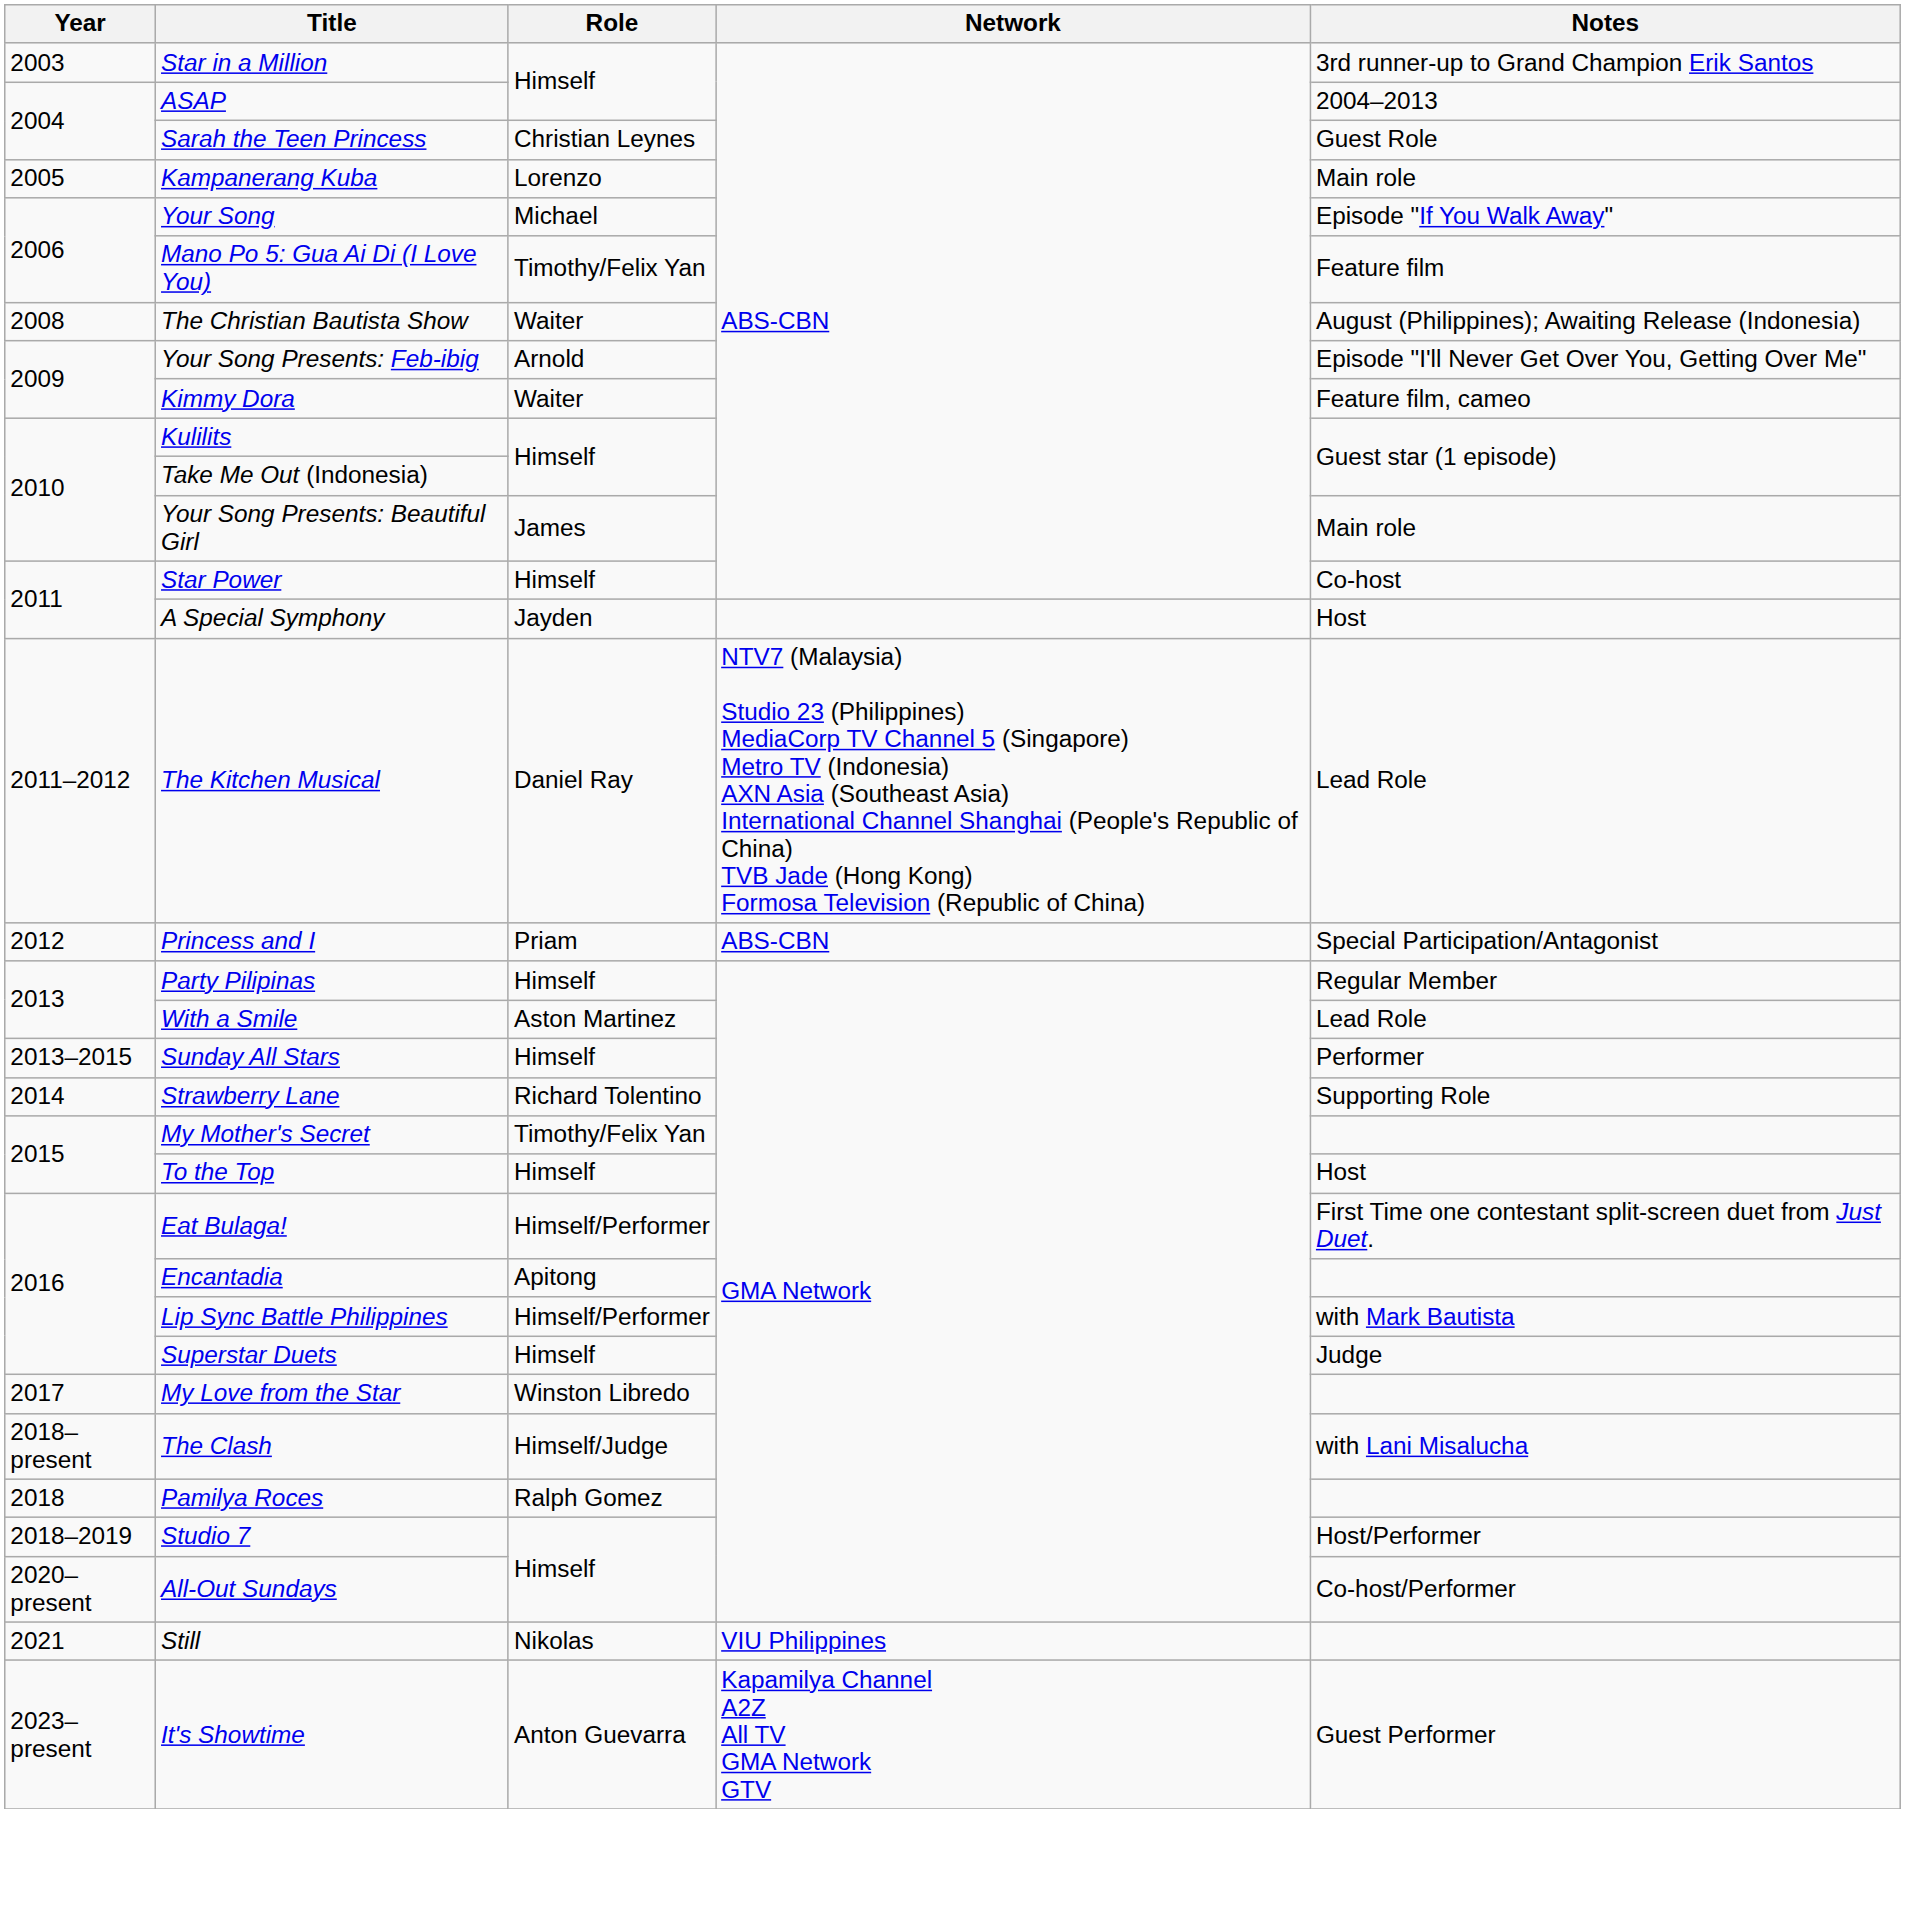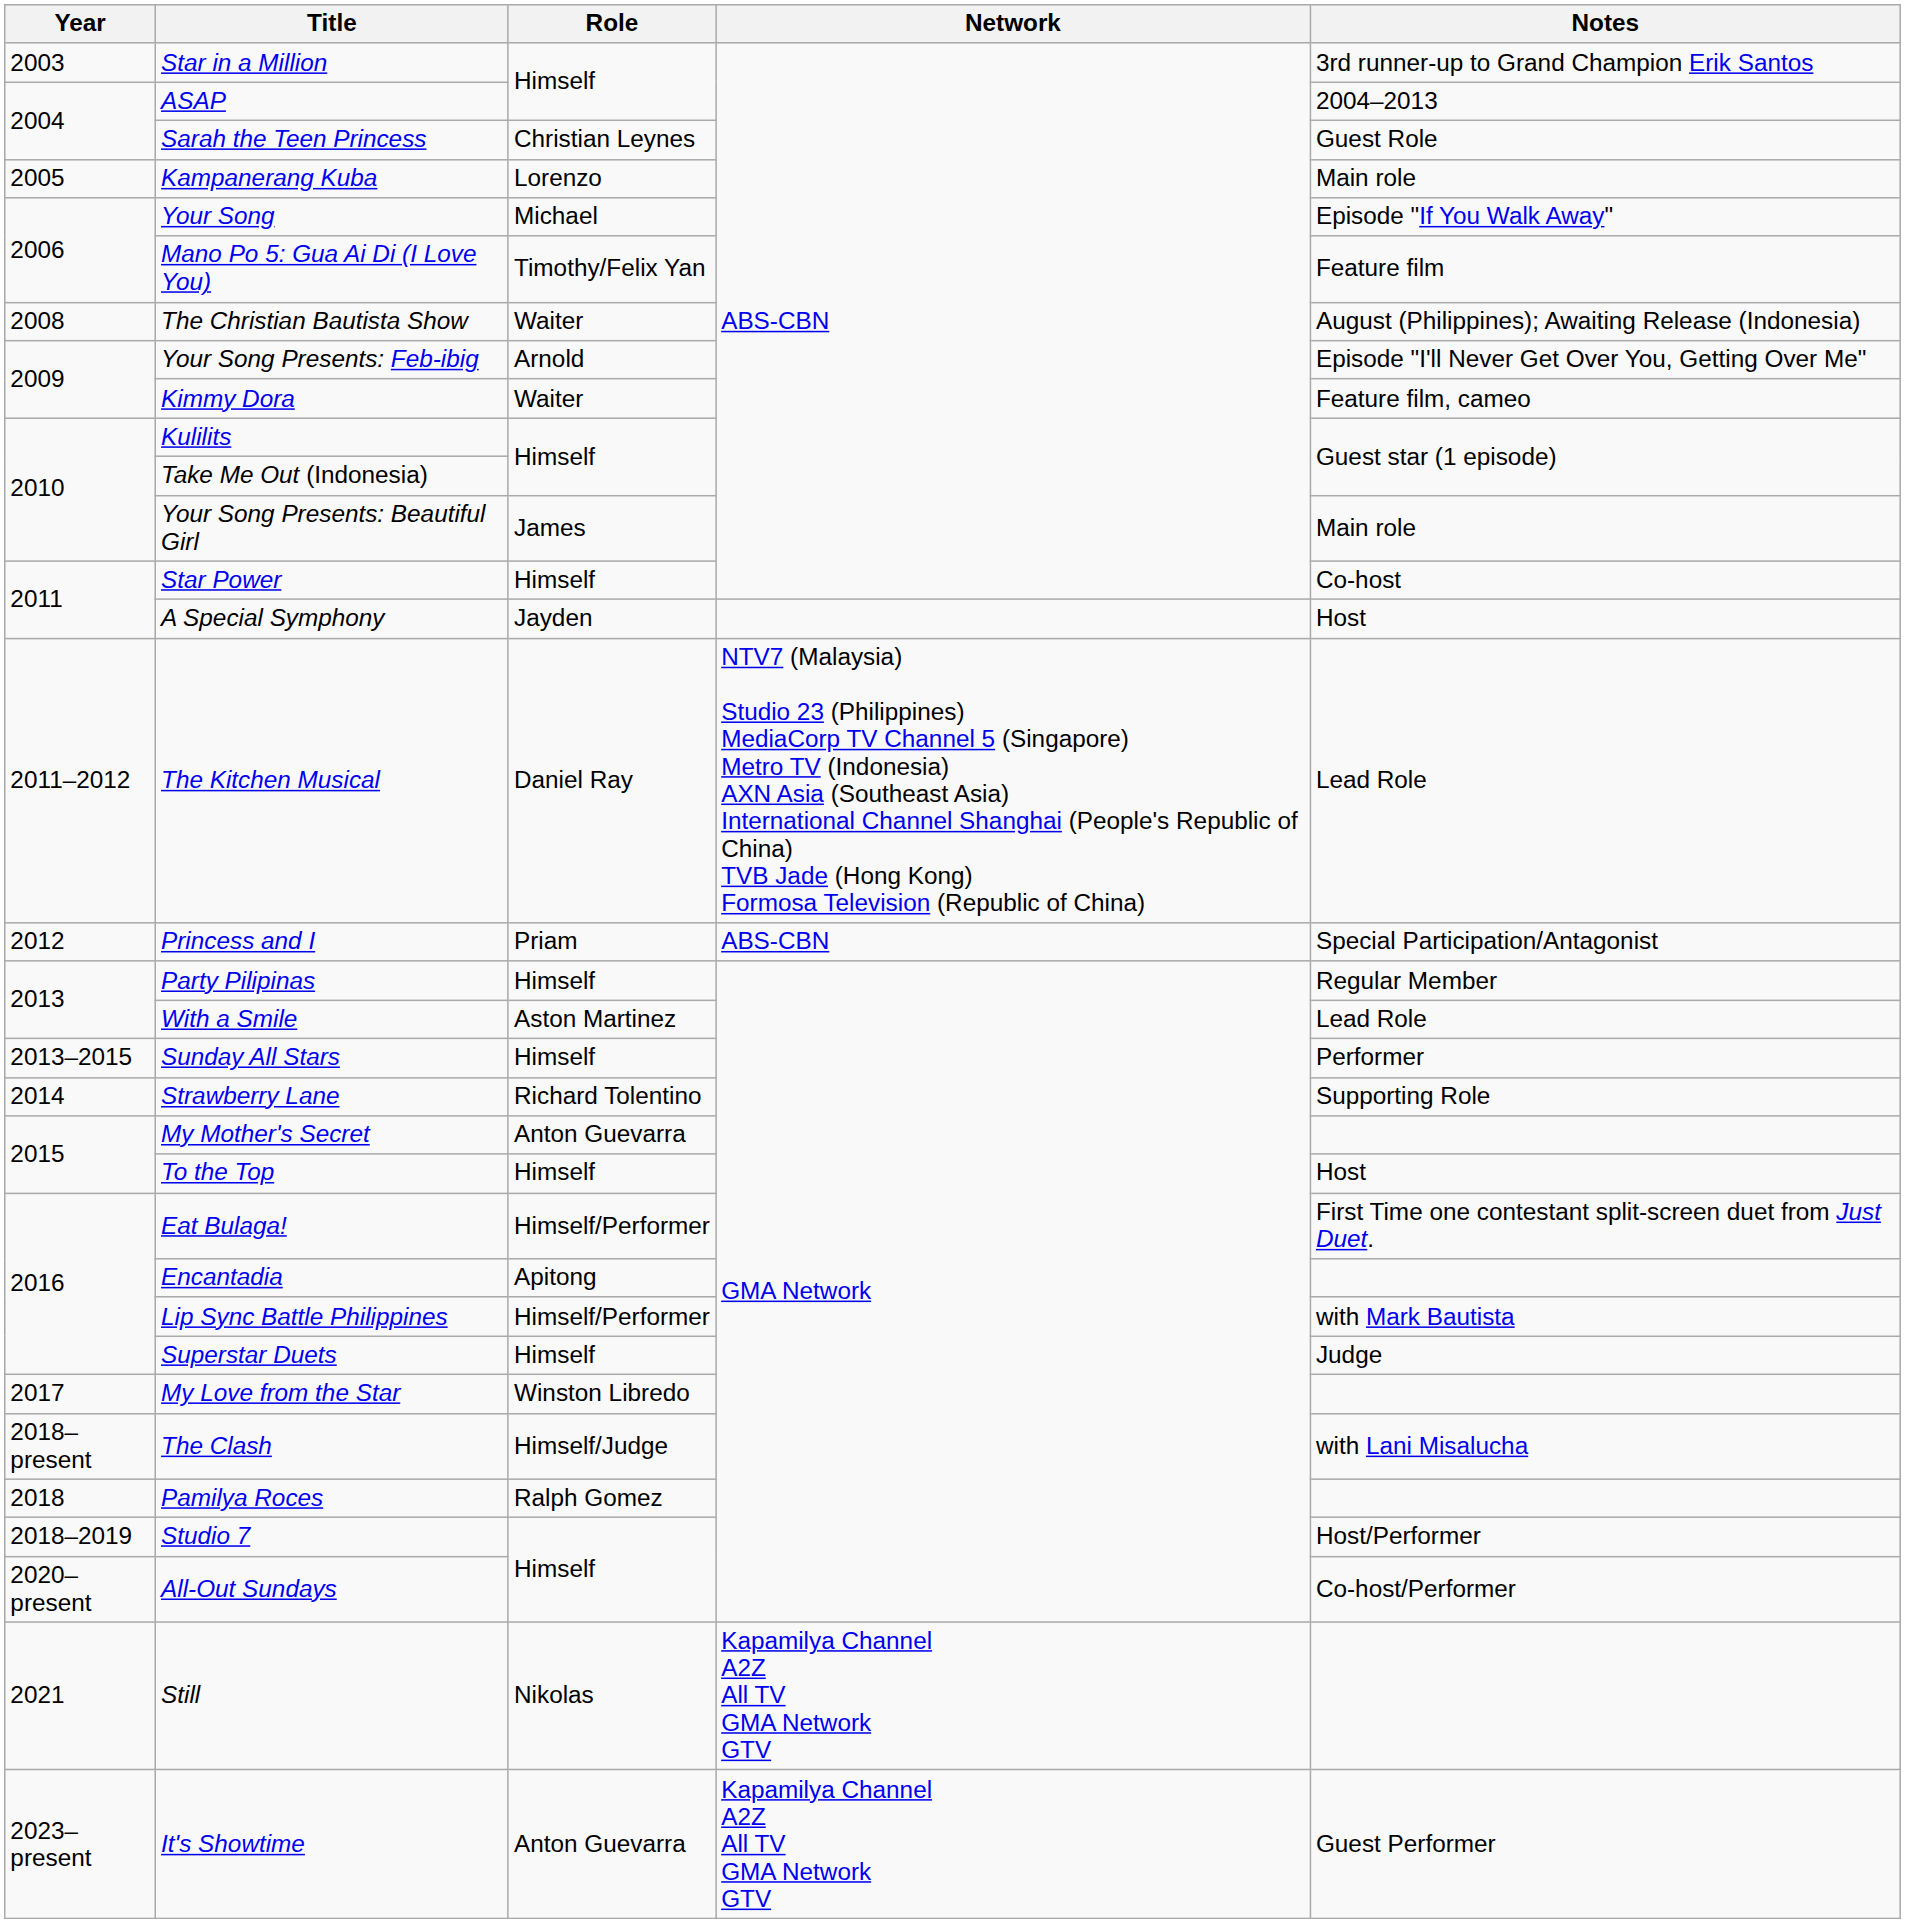 <table class="wikitable sortable">
 <tr>
 <th>Year</th>
 <th>Title</th>
 <th>Role</th>
 <th>Network</th>
 <th>Notes</th>
 </tr>
 <tr>
 <td>2003</td>
 <td><em><a href='#'>Star in a Million</a></em></td>
 <td rowspan="2">Himself</td>
 <td rowspan=13><a href='#'>ABS-CBN</a></td>
 <td>3rd runner-up to Grand Champion <a href='#'>Erik Santos</a></td>
 </tr>
 <tr>
 <td rowspan="2">2004</td>
 <td><em><a href='#'>ASAP</a></em></td>
 <td>2004–2013</td>
 </tr>
 <tr>
 <td><em><a href='#'>Sarah the Teen Princess</a></em></td>
 <td>Christian Leynes</td>
 <td>Guest Role</td>
 </tr>
 <tr>
 <td>2005</td>
 <td><em><a href='#'>Kampanerang Kuba</a></em></td>
 <td>Lorenzo</td>
 <td>Main role</td>
 </tr>
 <tr>
 <td rowspan="2">2006</td>
 <td><em><a href='#'>Your Song</a></em></td>
 <td>Michael</td>
 <td>Episode "<a href='#'>If You Walk Away</a>"</td>
 </tr>
 <tr>
 <td><em><a href='#'>Mano Po 5: Gua Ai Di (I Love You)</a></em></td>
 <td>Timothy/Felix Yan</td>
 <td>Feature film</td>
 </tr>
 <tr>
 <td>2008</td>
 <td><em>The Christian Bautista Show</em></td>
 <td>Waiter</td>
 <td>August (Philippines); Awaiting Release (Indonesia)</td>
 </tr>
 <tr>
 <td rowspan="2">2009</td>
 <td><em>Your Song Presents: <a href='#'>Feb-ibig</a></em></td>
 <td>Arnold</td>
 <td>Episode "I'll Never Get Over You, Getting Over Me"</td>
 </tr>
 <tr>
 <td><em><a href='#'>Kimmy Dora</a></em></td>
 <td>Waiter</td>
 <td>Feature film, cameo</td>
 </tr>
 <tr>
 <td rowspan=3>2010</td>
 <td><em><a href='#'>Kulilits</a></em></td>
 <td rowspan="2">Himself</td>
 <td rowspan="2">Guest star (1 episode)</td>
 </tr>
 <tr>
 <td><em>Take Me Out</em> (Indonesia)</td>
 </tr>
 <tr>
 <td><em>Your Song Presents: Beautiful Girl</em></td>
 <td>James</td>
 <td>Main role</td>
 </tr>
 <tr>
 <td rowspan=2>2011</td>
 <td><em><a href='#'>Star Power</a></em></td>
 <td>Himself</td>
 <td>Co-host</td>
 </tr>
 <tr>
 <td><em>A Special Symphony</em></td>
 <td>Jayden</td>
 <td></td>
 <td>Host</td>
 </tr>
 <tr>
 <td>2011–2012</td>
 <td><em><a href='#'>The Kitchen Musical</a></em></td>
 <td>Daniel Ray</td>
 <td><a href='#'>NTV7</a> (Malaysia) <br><br><a href='#'>Studio 23</a> (Philippines) <br> <a href='#'>MediaCorp TV Channel 5</a> (Singapore) <br> <a href='#'>Metro TV</a> (Indonesia) <br> <a href='#'>AXN Asia</a> (Southeast Asia) <br> <a href='#'>International Channel Shanghai</a> (People's Republic of China) <br> <a href='#'>TVB Jade</a> (Hong Kong) <br> <a href='#'>Formosa Television</a> (Republic of China)</td>
 <td>Lead Role</td>
 </tr>
 <tr>
 <td rowspan=1>2012</td>
 <td><em><a href='#'>Princess and I</a></em></td>
 <td>Priam</td>
 <td><a href='#'>ABS-CBN</a></td>
 <td>Special Participation/Antagonist</td>
 </tr>
 <tr>
 <td rowspan="2">2013</td>
 <td><em><a href='#'>Party Pilipinas</a></em></td>
 <td>Himself</td>
 <td rowspan="15"><a href='#'>GMA Network</a></td>
 <td>Regular Member</td>
 </tr>
 <tr>
 <td><em><a href='#'>With a Smile</a></em></td>
 <td>Aston Martinez</td>
 <td>Lead Role</td>
 </tr>
 <tr>
 <td>2013–2015</td>
 <td><em><a href='#'>Sunday All Stars</a></em></td>
 <td>Himself</td>
 <td>Performer</td>
 </tr>
 <tr>
 <td>2014</td>
 <td><em><a href='#'>Strawberry Lane</a></em></td>
 <td>Richard Tolentino</td>
 <td>Supporting Role</td>
 </tr>
 <tr>
 <td rowspan=2>2015</td>
 <td><em><a href='#'>My Mother's Secret</a></em></td>
-<td>Timothy/Felix Yan</td>
+<td>Anton Guevarra</td>
 <td></td>
 </tr>
 <tr>
 <td><em><a href='#'>To the Top</a></em></td>
 <td>Himself</td>
 <td>Host</td>
 </tr>
 <tr>
 <td rowspan="4">2016</td>
 <td><em><a href='#'>Eat Bulaga!</a></em></td>
 <td>Himself/Performer</td>
 <td>First Time one contestant split-screen duet from <em><a href='#'>Just Duet</a></em>.</td>
 </tr>
 <tr>
 <td><em><a href='#'>Encantadia</a></em></td>
 <td>Apitong</td>
 <td></td>
 </tr>
 <tr>
 <td><em><a href='#'>Lip Sync Battle Philippines</a></em></td>
 <td>Himself/Performer</td>
 <td>with <a href='#'>Mark Bautista</a></td>
 </tr>
 <tr>
 <td><em><a href='#'>Superstar Duets</a></em></td>
 <td>Himself</td>
 <td>Judge</td>
 </tr>
 <tr>
 <td>2017</td>
 <td><em><a href='#'>My Love from the Star</a></em></td>
 <td>Winston Libredo</td>
 <td></td>
 </tr>
 <tr>
 <td>2018–present</td>
 <td><em><a href='#'>The Clash</a></em></td>
 <td>Himself/Judge</td>
 <td>with <a href='#'>Lani Misalucha</a></td>
 </tr>
 <tr>
 <td>2018</td>
 <td><em><a href='#'>Pamilya Roces</a></em></td>
 <td>Ralph Gomez</td>
 <td></td>
 </tr>
 <tr>
 <td>2018–2019</td>
 <td><em><a href='#'>Studio 7</a></em></td>
 <td rowspan="2">Himself</td>
 <td>Host/Performer</td>
 </tr>
 <tr>
 <td>2020–present</td>
 <td><em><a href='#'>All-Out Sundays</a></em></td>
 <td>Co-host/Performer</td>
 </tr>
 <tr>
 <td>2021</td>
 <td><em>Still</em></td>
 <td>Nikolas</td>
-<td><a href='#'>VIU Philippines</a></td>
+<td><a href='#'>Kapamilya Channel</a><br><a href='#'>A2Z</a><br><a href='#'>All TV</a><br><a href='#'>GMA Network</a><br><a href='#'>GTV</a></td>
 <td></td>
 </tr>
 <tr>
 <td>2023–present</td>
 <td><em><a href='#'>It's Showtime</a></em></td>
 <td>Anton Guevarra</td>
 <td><a href='#'>Kapamilya Channel</a><br><a href='#'>A2Z</a><br><a href='#'>All TV</a><br><a href='#'>GMA Network</a><br><a href='#'>GTV</a></td>
 <td>Guest Performer</td>
 </tr>
 </table>
